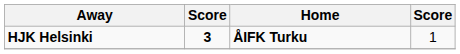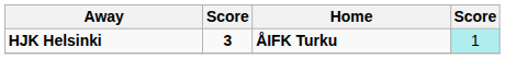 <table class="wikitable">
 <tr>
 <th width="200">Away</th>
 <th width="40">Score</th>
 <th width="200">Home</th>
 <th width="40">Score</th>
 </tr>
 <tr>
 <td><strong>HJK Helsinki</strong></td>
 <td align=center><strong>3</strong></td>
 <td><strong>ÅIFK Turku</strong></td>
-<td align=center>1</td>
+<td align=center style="background: paleturquoise;">1</td>
 </tr>
 <tr>
 </tr>
 </table>
